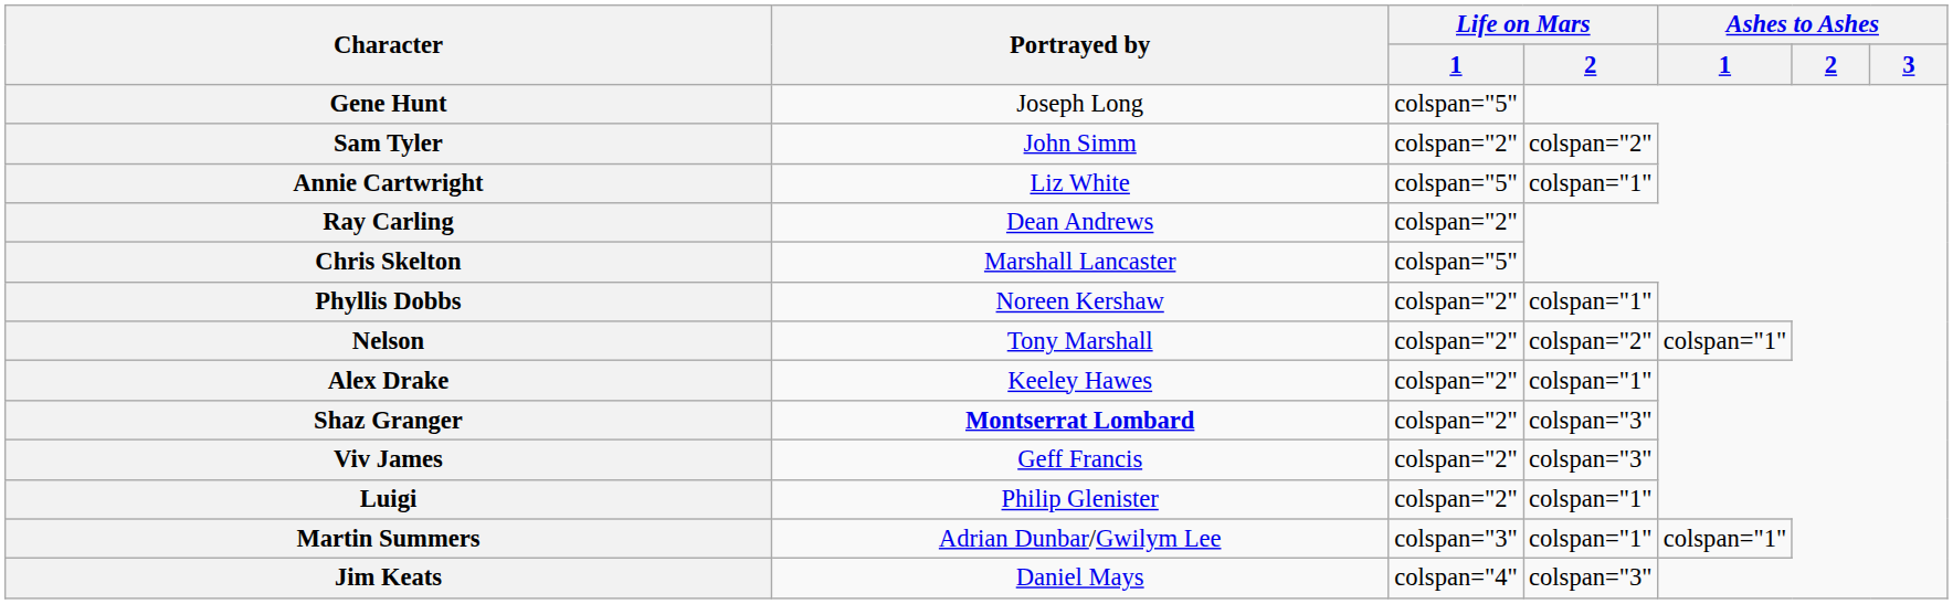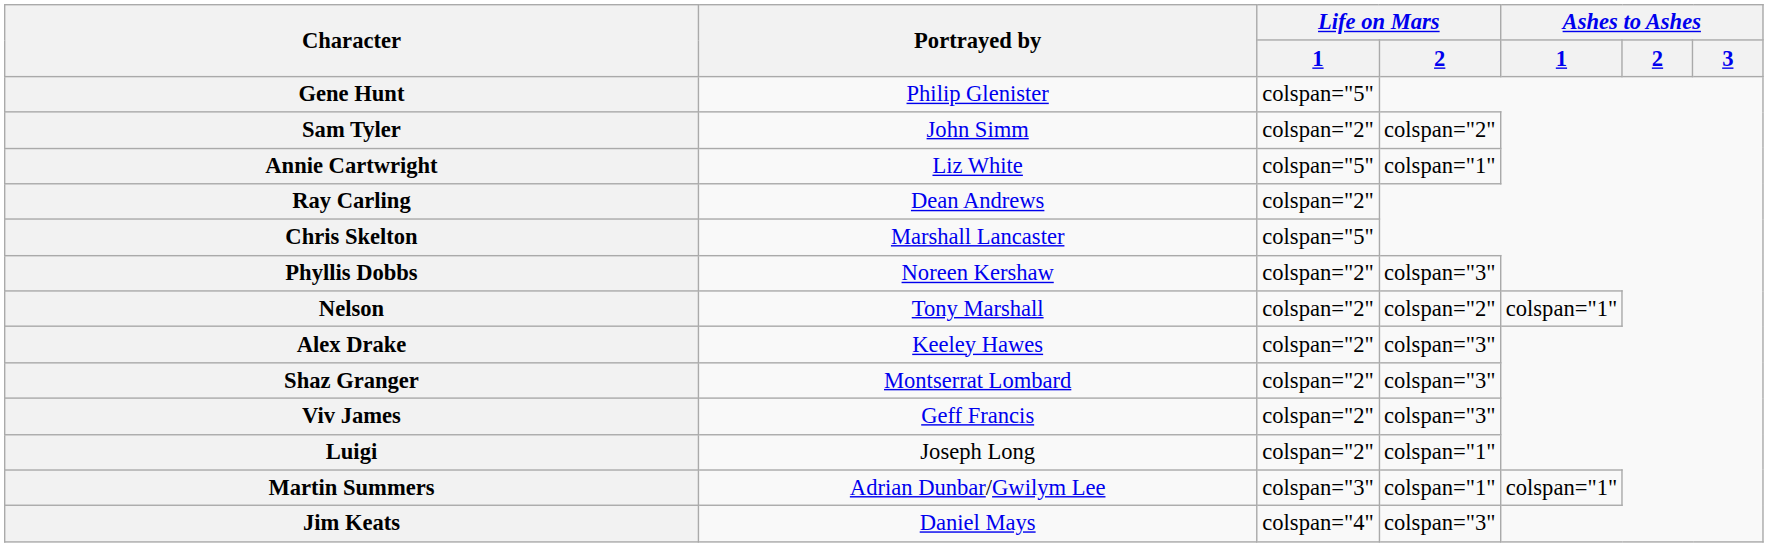 <table class="wikitable" style="text-align:center;">
 <tr>
 <th rowspan="2" style="width:250px;">Character</th>
 <th rowspan="2" style="width:200px;">Portrayed by</th>
 <th colspan="2"><em><a href='#'>Life on Mars</a></em></th>
 <th colspan="3"><em><a href='#'>Ashes to Ashes</a></em></th>
 </tr>
 <tr>
 <th style="width:4%;" class=unsortable><a href='#'>1</a></th>
 <th style="width:4%;" class=unsortable><a href='#'>2</a></th>
 <th style="width:4%;" class=unsortable><a href='#'>1</a></th>
 <th style="width:4%;" class=unsortable><a href='#'>2</a></th>
 <th style="width:4%;" class=unsortable><a href='#'>3</a></th>
 </tr>
 <tr>
 <th>Gene Hunt</th>
-<td>Joseph Long</td>
+<td><a href='#'>Philip Glenister</a></td>
 <td>colspan="5" </td>
 </tr>
 <tr>
 <th>Sam Tyler</th>
 <td><a href='#'>John Simm</a></td>
 <td>colspan="2" </td>
 <td>colspan="2" </td>
 </tr>
 <tr>
 <th>Annie Cartwright</th>
 <td><a href='#'>Liz White</a></td>
 <td>colspan="5" </td>
 <td>colspan="1" </td>
 </tr>
 <tr>
 <th>Ray Carling</th>
 <td><a href='#'>Dean Andrews</a></td>
 <td>colspan="2" </td>
 </tr>
 <tr>
 <th>Chris Skelton</th>
 <td><a href='#'>Marshall Lancaster</a></td>
 <td>colspan="5" </td>
 </tr>
 <tr>
 <th>Phyllis Dobbs</th>
 <td><a href='#'>Noreen Kershaw</a></td>
 <td>colspan="2" </td>
-<td>colspan="1" </td>
+<td>colspan="3" </td>
 </tr>
 <tr>
 <th>Nelson</th>
 <td><a href='#'>Tony Marshall</a></td>
 <td>colspan="2" </td>
 <td>colspan="2" </td>
 <td>colspan="1" </td>
 </tr>
 <tr>
 <th>Alex Drake</th>
 <td><a href='#'>Keeley Hawes</a></td>
 <td>colspan="2" </td>
-<td>colspan="1" </td>
+<td>colspan="3" </td>
 </tr>
 <tr>
 <th>Shaz Granger</th>
-<td><strong><a href='#'>Montserrat Lombard</a></strong></td>
+<td><a href='#'>Montserrat Lombard</a></td>
 <td>colspan="2" </td>
 <td>colspan="3" </td>
 </tr>
 <tr>
 <th>Viv James</th>
 <td><a href='#'>Geff Francis</a></td>
 <td>colspan="2" </td>
 <td>colspan="3" </td>
 </tr>
 <tr>
 <th>Luigi</th>
-<td><a href='#'>Philip Glenister</a></td>
+<td>Joseph Long</td>
 <td>colspan="2" </td>
 <td>colspan="1" </td>
 </tr>
 <tr>
 <th>Martin Summers</th>
 <td><a href='#'>Adrian Dunbar</a>/<a href='#'>Gwilym Lee</a></td>
 <td>colspan="3" </td>
 <td>colspan="1" </td>
 <td>colspan="1" </td>
 </tr>
 <tr>
 <th>Jim Keats</th>
 <td><a href='#'>Daniel Mays</a></td>
 <td>colspan="4" </td>
 <td>colspan="3" </td>
 </tr>
 </table>
